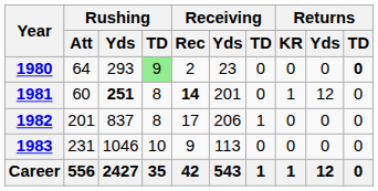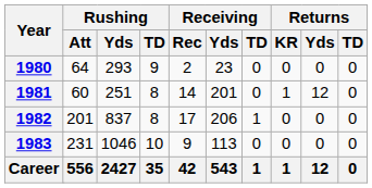 <table class=wikitable style="text-align:center">
 <tr>
 <th rowspan="2" colspan="2">Year</th>
 <th colspan="3">Rushing</th>
 <th colspan="3">Receiving</th>
 <th colspan="3">Returns</th>
 </tr>
 <tr>
 <th>Att</th>
 <th>Yds</th>
 <th>TD</th>
 <th>Rec</th>
 <th>Yds</th>
 <th>TD</th>
 <th>KR</th>
 <th>Yds</th>
 <th>TD</th>
 </tr>
 <tr>
 <th colspan="2"><a href='#'>1980</a></th>
 <td>64</td>
 <td>293</td>
-<td style="background: lightgreen;">9</td>
+<td>9</td>
 <td>2</td>
 <td>23</td>
 <td>0</td>
 <td>0</td>
 <td>0</td>
-<td><strong>0</strong></td>
+<td>0</td>
 </tr>
 <tr>
 <th colspan="2"><a href='#'>1981</a></th>
 <td>60</td>
-<td><strong>251</strong></td>
+<td>251</td>
 <td>8</td>
-<td><strong>14</strong></td>
+<td>14</td>
 <td>201</td>
 <td>0</td>
 <td>1</td>
 <td>12</td>
 <td>0</td>
 </tr>
 <tr>
 <th colspan="2"><a href='#'>1982</a></th>
 <td>201</td>
 <td>837</td>
 <td>8</td>
 <td>17</td>
 <td>206</td>
 <td>1</td>
 <td>0</td>
 <td>0</td>
 <td>0</td>
 </tr>
 <tr>
 <th colspan="2"><a href='#'>1983</a></th>
 <td>231</td>
 <td>1046</td>
 <td>10</td>
 <td>9</td>
 <td>113</td>
 <td>0</td>
 <td>0</td>
 <td>0</td>
 <td>0</td>
 </tr>
 <tr>
 <th colspan="2">Career</th>
 <th>556</th>
 <th>2427</th>
 <th>35</th>
 <th>42</th>
 <th>543</th>
 <th>1</th>
 <th>1</th>
 <th>12</th>
 <th>0</th>
 </tr>
 </table>
